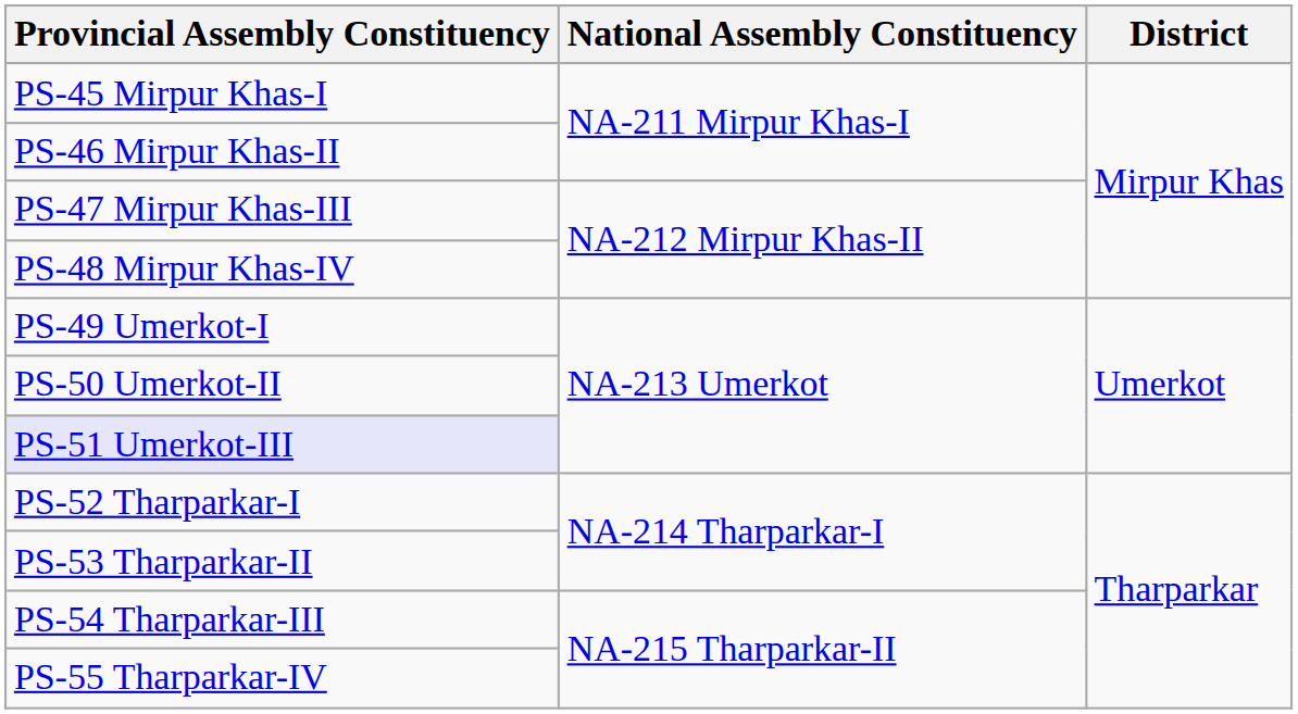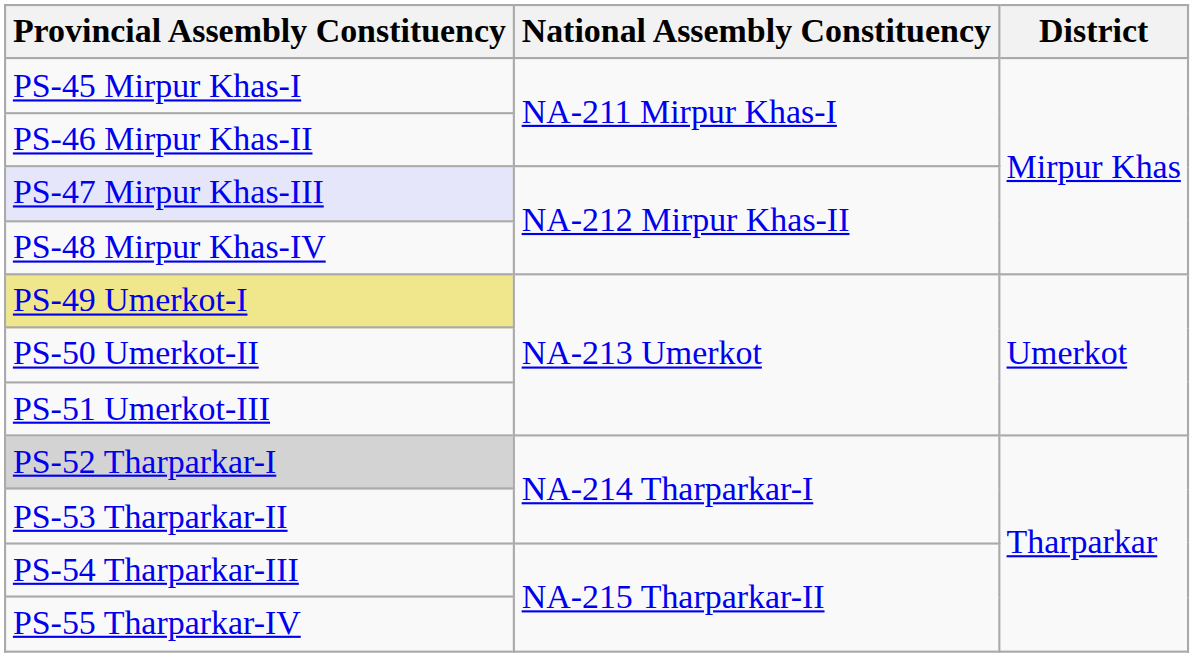 <table class="wikitable sortable static-row-numbers static-row-header-hash">
 <tr>
 <th>Provincial Assembly Constituency</th>
 <th>National Assembly Constituency</th>
 <th>District</th>
 </tr>
 <tr>
 <td><a href='#'>PS-45 Mirpur Khas-I</a></td>
 <td rowspan="2"><a href='#'>NA-211 Mirpur Khas-I</a></td>
 <td rowspan="4"><a href='#'>Mirpur Khas</a></td>
 </tr>
 <tr>
 <td><a href='#'>PS-46 Mirpur Khas-II</a></td>
 </tr>
 <tr>
-<td><a href='#'>PS-47 Mirpur Khas-III</a></td>
+<td style="background: lavender;"><a href='#'>PS-47 Mirpur Khas-III</a></td>
 <td rowspan="2"><a href='#'>NA-212 Mirpur Khas-II</a></td>
 </tr>
 <tr>
 <td><a href='#'>PS-48 Mirpur Khas-IV</a></td>
 </tr>
 <tr>
-<td><a href='#'>PS-49 Umerkot-I</a></td>
+<td style="background: khaki;"><a href='#'>PS-49 Umerkot-I</a></td>
 <td rowspan="3"><a href='#'>NA-213 Umerkot</a></td>
 <td rowspan="3"><a href='#'>Umerkot</a></td>
 </tr>
 <tr>
 <td><a href='#'>PS-50 Umerkot-II</a></td>
 </tr>
 <tr>
-<td style="background: lavender;"><a href='#'>PS-51 Umerkot-III</a></td>
+<td><a href='#'>PS-51 Umerkot-III</a></td>
 </tr>
 <tr>
-<td><a href='#'>PS-52 Tharparkar-I</a></td>
+<td style="background: lightgrey;"><a href='#'>PS-52 Tharparkar-I</a></td>
 <td rowspan="2"><a href='#'>NA-214 Tharparkar-I</a></td>
 <td rowspan="4"><a href='#'>Tharparkar</a></td>
 </tr>
 <tr>
 <td><a href='#'>PS-53 Tharparkar-II</a></td>
 </tr>
 <tr>
 <td><a href='#'>PS-54 Tharparkar-III</a></td>
 <td rowspan="2"><a href='#'>NA-215 Tharparkar-II</a></td>
 </tr>
 <tr>
 <td><a href='#'>PS-55 Tharparkar-IV</a></td>
 </tr>
 </table>
